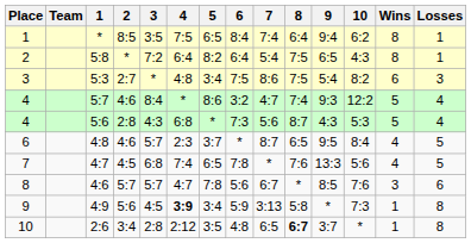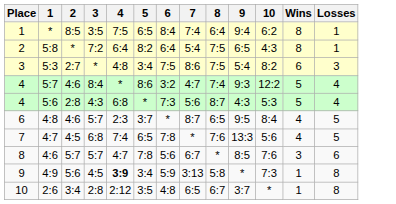 <table class="wikitable" style="text-align:center;">
 <tr>
 <th>Place</th>
-<th>Team</th>
 <th width="25">1</th>
 <th width="25">2</th>
 <th width="25">3</th>
 <th width="25">4</th>
 <th width="25">5</th>
 <th width="25">6</th>
 <th width="25">7</th>
 <th width="25">8</th>
 <th width="25">9</th>
 <th width="25">10</th>
 <th>Wins</th>
 <th>Losses</th>
 </tr>
 <tr bgcolor=#ffc>
 <td>1</td>
-<td align="left"></td>
 <td>*</td>
 <td>8:5</td>
 <td>3:5</td>
 <td>7:5</td>
 <td>6:5</td>
 <td>8:4</td>
 <td>7:4</td>
 <td>6:4</td>
 <td>9:4</td>
 <td>6:2</td>
 <td>8</td>
 <td>1</td>
 </tr>
 <tr bgcolor=#ffc>
 <td>2</td>
-<td align="left"></td>
 <td>5:8</td>
 <td>*</td>
 <td>7:2</td>
 <td>6:4</td>
 <td>8:2</td>
 <td>6:4</td>
 <td>5:4</td>
 <td>7:5</td>
 <td>6:5</td>
 <td>4:3</td>
 <td>8</td>
 <td>1</td>
 </tr>
 <tr bgcolor=#ffc>
 <td>3</td>
-<td align="left"></td>
 <td>5:3</td>
 <td>2:7</td>
 <td>*</td>
 <td>4:8</td>
 <td>3:4</td>
 <td>7:5</td>
 <td>8:6</td>
 <td>7:5</td>
 <td>5:4</td>
 <td>8:2</td>
 <td>6</td>
 <td>3</td>
 </tr>
 <tr bgcolor=#cfc>
 <td>4</td>
-<td align="left"></td>
 <td>5:7</td>
 <td>4:6</td>
 <td>8:4</td>
 <td>*</td>
 <td>8:6</td>
 <td>3:2</td>
 <td>4:7</td>
 <td>7:4</td>
 <td>9:3</td>
 <td>12:2</td>
 <td>5</td>
 <td>4</td>
 </tr>
 <tr bgcolor=#cfc>
 <td>4</td>
-<td align="left"></td>
 <td>5:6</td>
 <td>2:8</td>
 <td>4:3</td>
 <td>6:8</td>
 <td>*</td>
 <td>7:3</td>
 <td>5:6</td>
 <td>8:7</td>
 <td>4:3</td>
 <td>5:3</td>
 <td>5</td>
 <td>4</td>
 </tr>
 <tr>
 <td>6</td>
-<td align="left"></td>
 <td>4:8</td>
 <td>4:6</td>
 <td>5:7</td>
 <td>2:3</td>
 <td>3:7</td>
 <td>*</td>
 <td>8:7</td>
 <td>6:5</td>
 <td>9:5</td>
 <td>8:4</td>
 <td>4</td>
 <td>5</td>
 </tr>
 <tr>
 <td>7</td>
-<td align="left"></td>
 <td>4:7</td>
 <td>4:5</td>
 <td>6:8</td>
 <td>7:4</td>
 <td>6:5</td>
 <td>7:8</td>
 <td>*</td>
 <td>7:6</td>
 <td>13:3</td>
 <td>5:6</td>
 <td>4</td>
 <td>5</td>
 </tr>
 <tr>
 <td>8</td>
-<td align="left"></td>
 <td>4:6</td>
 <td>5:7</td>
 <td>5:7</td>
 <td>4:7</td>
 <td>7:8</td>
 <td>5:6</td>
 <td>6:7</td>
 <td>*</td>
 <td>8:5</td>
 <td>7:6</td>
 <td>3</td>
 <td>6</td>
 </tr>
 <tr>
 <td>9</td>
-<td align="left"></td>
 <td>4:9</td>
 <td>5:6</td>
 <td>4:5</td>
 <td><strong>3:9</strong></td>
 <td>3:4</td>
 <td>5:9</td>
 <td>3:13</td>
 <td>5:8</td>
 <td>*</td>
 <td>7:3</td>
 <td>1</td>
 <td>8</td>
 </tr>
 <tr>
 <td>10</td>
-<td align="left"></td>
 <td>2:6</td>
 <td>3:4</td>
 <td>2:8</td>
 <td>2:12</td>
 <td>3:5</td>
 <td>4:8</td>
 <td>6:5</td>
-<td><strong>6:7</strong></td>
+<td>6:7</td>
 <td>3:7</td>
 <td>*</td>
 <td>1</td>
 <td>8</td>
 </tr>
 </table>
